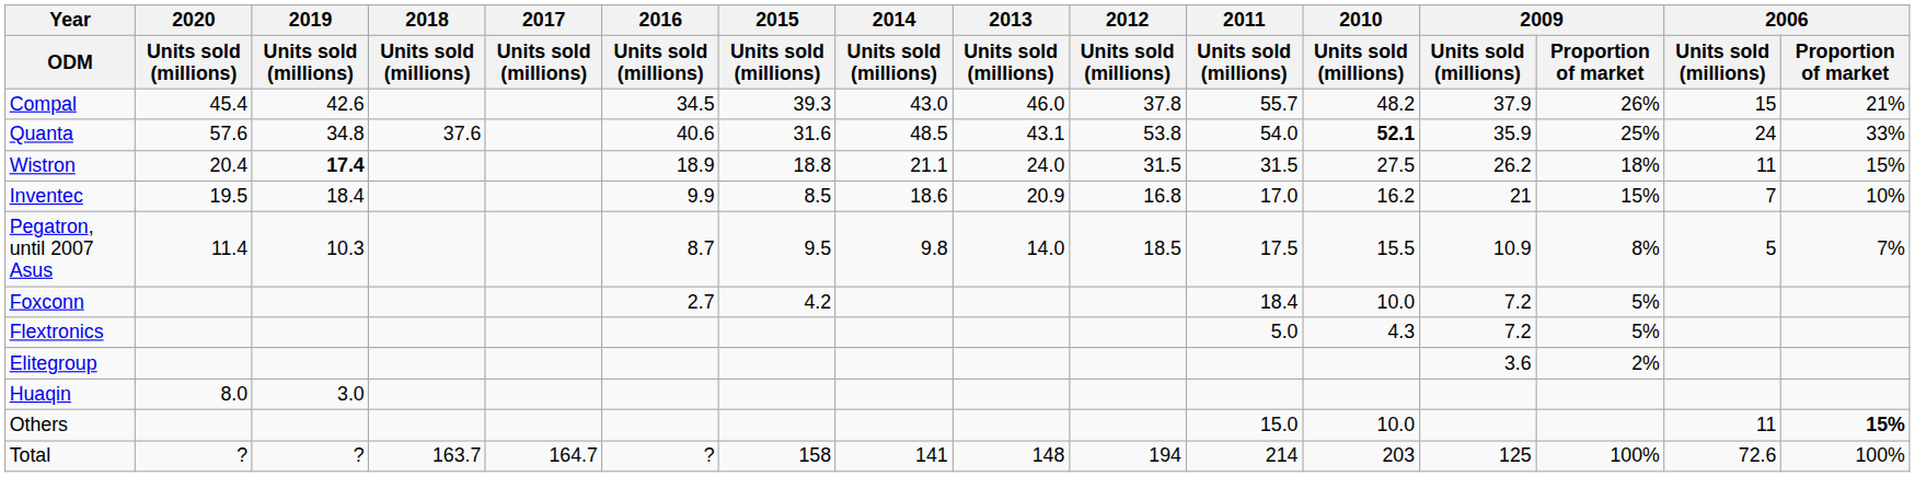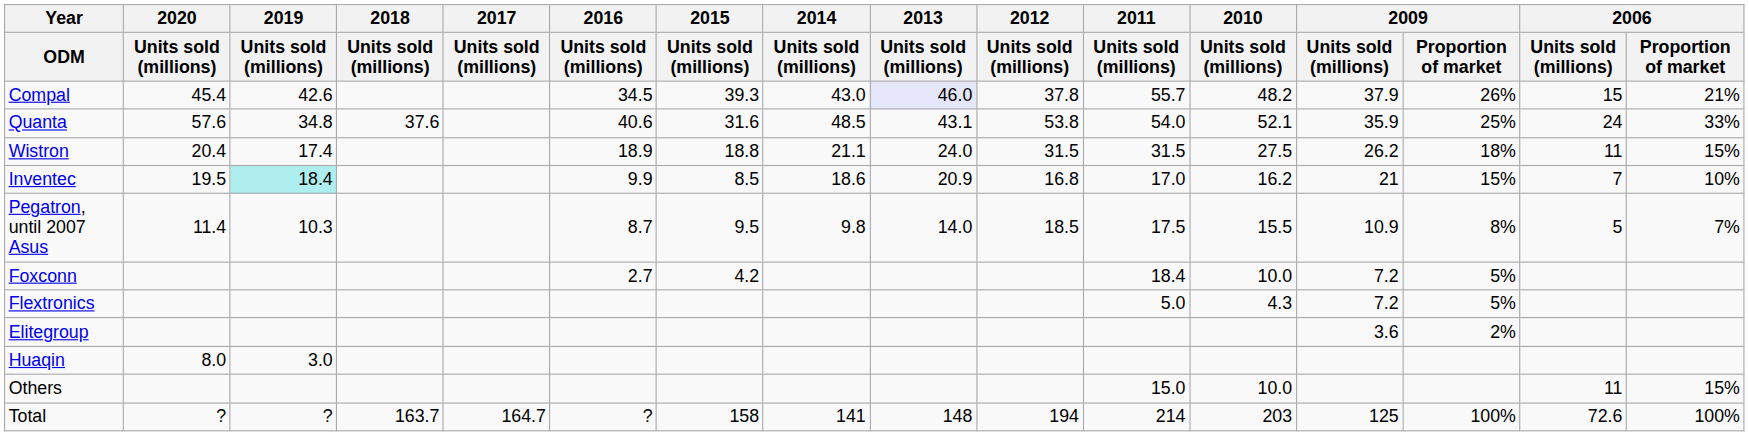 <table class="wikitable sortable" style="text-align:right;">
 <tr>
 <th>Year</th>
 <th>2020</th>
 <th>2019</th>
 <th>2018</th>
 <th>2017</th>
 <th>2016</th>
 <th>2015</th>
 <th>2014</th>
 <th>2013</th>
 <th>2012</th>
 <th>2011</th>
 <th>2010</th>
 <th colspan="2">2009</th>
 <th colspan="2">2006</th>
 </tr>
 <tr>
 <th>ODM</th>
 <th>Units sold (millions)</th>
 <th>Units sold (millions)</th>
 <th>Units sold (millions)</th>
 <th>Units sold (millions)</th>
 <th>Units sold (millions)</th>
 <th>Units sold (millions)</th>
 <th>Units sold (millions)</th>
 <th>Units sold (millions)</th>
 <th>Units sold (millions)</th>
 <th>Units sold (millions)</th>
 <th>Units sold (millions)</th>
 <th>Units sold (millions)</th>
 <th>Proportion of market</th>
 <th>Units sold (millions)</th>
 <th>Proportion of market</th>
 </tr>
 <tr>
 <td style="text-align:left;"><a href='#'>Compal</a></td>
 <td>45.4</td>
 <td>42.6</td>
 <td></td>
 <td></td>
 <td>34.5</td>
 <td>39.3</td>
 <td>43.0</td>
-<td>46.0</td>
+<td style="background: lavender;">46.0</td>
 <td>37.8</td>
 <td>55.7</td>
 <td>48.2</td>
 <td>37.9</td>
 <td>26%</td>
 <td>15</td>
 <td>21%</td>
 </tr>
 <tr>
 <td style="text-align:left;"><a href='#'>Quanta</a></td>
 <td>57.6</td>
 <td>34.8</td>
 <td>37.6</td>
 <td></td>
 <td>40.6</td>
 <td>31.6</td>
 <td>48.5</td>
 <td>43.1</td>
 <td>53.8</td>
 <td>54.0</td>
-<td><strong>52.1</strong></td>
+<td>52.1</td>
 <td>35.9</td>
 <td>25%</td>
 <td>24</td>
 <td>33%</td>
 </tr>
 <tr>
 <td style="text-align:left;"><a href='#'>Wistron</a></td>
 <td>20.4</td>
-<td><strong>17.4</strong></td>
+<td>17.4</td>
 <td></td>
 <td></td>
 <td>18.9</td>
 <td>18.8</td>
 <td>21.1</td>
 <td>24.0</td>
 <td>31.5</td>
 <td>31.5</td>
 <td>27.5</td>
 <td>26.2</td>
 <td>18%</td>
 <td>11</td>
 <td>15%</td>
 </tr>
 <tr>
 <td style="text-align:left;"><a href='#'>Inventec</a></td>
 <td>19.5</td>
-<td>18.4</td>
+<td style="background: paleturquoise;">18.4</td>
 <td></td>
 <td></td>
 <td>9.9</td>
 <td>8.5</td>
 <td>18.6</td>
 <td>20.9</td>
 <td>16.8</td>
 <td>17.0</td>
 <td>16.2</td>
 <td>21</td>
 <td>15%</td>
 <td>7</td>
 <td>10%</td>
 </tr>
 <tr>
 <td style="text-align:left;"><a href='#'>Pegatron</a>, until 2007 <a href='#'>Asus</a></td>
 <td>11.4</td>
 <td>10.3</td>
 <td></td>
 <td></td>
 <td>8.7</td>
 <td>9.5</td>
 <td>9.8</td>
 <td>14.0</td>
 <td>18.5</td>
 <td>17.5</td>
 <td>15.5</td>
 <td>10.9</td>
 <td>8%</td>
 <td>5</td>
 <td>7%</td>
 </tr>
 <tr>
 <td style="text-align:left;"><a href='#'>Foxconn</a></td>
 <td></td>
 <td></td>
 <td></td>
 <td></td>
 <td>2.7</td>
 <td>4.2</td>
 <td></td>
 <td></td>
 <td></td>
 <td>18.4</td>
 <td>10.0</td>
 <td>7.2</td>
 <td>5%</td>
 <td></td>
 <td></td>
 </tr>
 <tr>
 <td style="text-align:left;"><a href='#'>Flextronics</a></td>
 <td></td>
 <td></td>
 <td></td>
 <td></td>
 <td></td>
 <td></td>
 <td></td>
 <td></td>
 <td></td>
 <td>5.0</td>
 <td>4.3</td>
 <td>7.2</td>
 <td>5%</td>
 <td></td>
 <td></td>
 </tr>
 <tr>
 <td style="text-align:left;"><a href='#'>Elitegroup</a></td>
 <td></td>
 <td></td>
 <td></td>
 <td></td>
 <td></td>
 <td></td>
 <td></td>
 <td></td>
 <td></td>
 <td></td>
 <td></td>
 <td>3.6</td>
 <td>2%</td>
 <td></td>
 <td></td>
 </tr>
 <tr>
 <td style="text-align:left;"><a href='#'>Huaqin</a></td>
 <td>8.0</td>
 <td>3.0</td>
 <td></td>
 <td></td>
 <td></td>
 <td></td>
 <td></td>
 <td></td>
 <td></td>
 <td></td>
 <td></td>
 <td></td>
 <td></td>
 <td></td>
 <td></td>
 </tr>
 <tr>
 <td style="text-align:left;">Others</td>
 <td></td>
 <td></td>
 <td></td>
 <td></td>
 <td></td>
 <td></td>
 <td></td>
 <td></td>
 <td></td>
 <td>15.0</td>
 <td>10.0</td>
 <td></td>
 <td></td>
 <td>11</td>
-<td><strong>15%</strong></td>
+<td>15%</td>
 </tr>
 <tr class="sortbottom">
 <td style="text-align:left;">Total</td>
 <td>?</td>
 <td>?</td>
 <td>163.7</td>
 <td>164.7</td>
 <td>?</td>
 <td>158</td>
 <td>141</td>
 <td>148</td>
 <td>194</td>
 <td>214</td>
 <td>203</td>
 <td>125</td>
 <td>100%</td>
 <td>72.6</td>
 <td>100%</td>
 </tr>
 </table>
